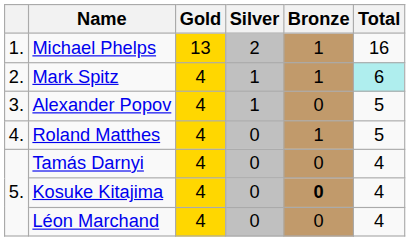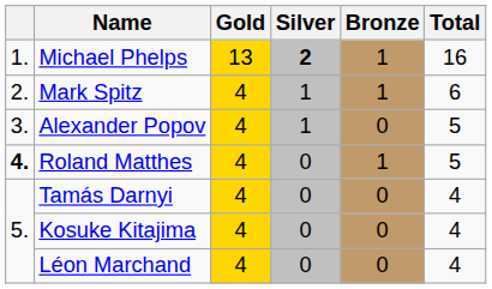 <table class="sortable wikitable">
 <tr>
 <th></th>
 <th>Name</th>
 <th>Gold</th>
 <th>Silver</th>
 <th>Bronze</th>
 <th>Total</th>
 </tr>
 <tr>
 <td>1.</td>
 <td> <a href='#'>Michael Phelps</a></td>
 <td bgcolor="gold" align="center">13</td>
-<td bgcolor="silver" align="center">2</td>
+<td bgcolor="silver" align="center"><strong>2</strong></td>
 <td bgcolor="#C19A6B" align="center">1</td>
 <td align="center">16</td>
 </tr>
 <tr>
 <td>2.</td>
 <td> <a href='#'>Mark Spitz</a></td>
 <td bgcolor="gold" align="center">4</td>
 <td bgcolor="silver" align="center">1</td>
 <td bgcolor="#C19A6B" align="center">1</td>
-<td align="center" style="background: paleturquoise;">6</td>
+<td align="center">6</td>
 </tr>
 <tr>
 <td>3.</td>
 <td> <a href='#'>Alexander Popov</a></td>
 <td bgcolor="gold" align="center">4</td>
 <td bgcolor="silver" align="center">1</td>
 <td bgcolor="#C19A6B" align="center">0</td>
 <td align="center">5</td>
 </tr>
 <tr>
-<td>4.</td>
+<td><strong>4.</strong></td>
 <td> <a href='#'>Roland Matthes</a></td>
 <td bgcolor="gold" align="center">4</td>
 <td bgcolor="silver" align="center">0</td>
 <td bgcolor="#C19A6B" align="center">1</td>
 <td align="center">5</td>
 </tr>
 <tr>
 <td rowspan=3>5.</td>
 <td> <a href='#'>Tamás Darnyi</a></td>
 <td bgcolor="gold" align="center">4</td>
 <td bgcolor="silver" align="center">0</td>
 <td bgcolor="#C19A6B" align="center">0</td>
 <td align="center">4</td>
 </tr>
 <tr>
 <td> <a href='#'>Kosuke Kitajima</a></td>
 <td bgcolor="gold" align="center">4</td>
 <td bgcolor="silver" align="center">0</td>
-<td bgcolor="#C19A6B" align="center"><strong>0</strong></td>
+<td bgcolor="#C19A6B" align="center">0</td>
 <td align="center">4</td>
 </tr>
 <tr>
 <td> <a href='#'>Léon Marchand</a></td>
 <td bgcolor="gold" align="center">4</td>
 <td bgcolor="silver" align="center">0</td>
 <td bgcolor="#C19A6B" align="center">0</td>
 <td align="center">4</td>
 </tr>
 </table>
